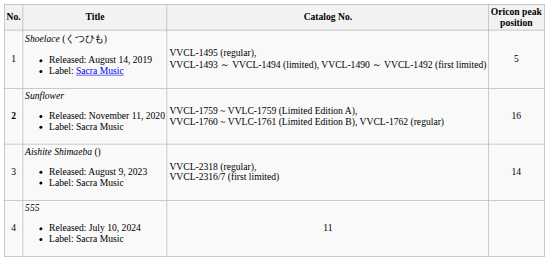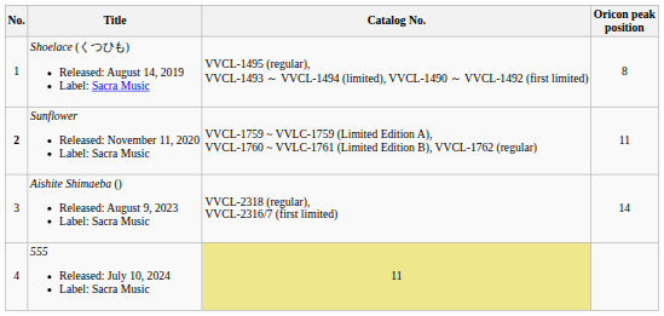 <table class="wikitable">
 <tr>
 <th>No.</th>
 <th>Title</th>
 <th>Catalog No.</th>
 <th>Oricon peak <br>position</th>
 </tr>
 <tr>
 <td align=center>1</td>
 <td><em>Shoelace</em> (くつひも)<br><ul><li>Released: August 14, 2019</li><li>Label: <a href='#'>Sacra Music</a></li></ul></td>
 <td>VVCL-1495 (regular),<br>VVCL-1493 ～ VVCL-1494 (limited), VVCL-1490 ～ VVCL-1492 (first limited)</td>
-<td align=center>5</td>
+<td align=center>8</td>
 </tr>
 <tr>
 <td align=center><strong>2</strong></td>
 <td><em>Sunflower</em><br><ul><li>Released: November 11, 2020</li><li>Label: Sacra Music</li></ul></td>
 <td>VVCL-1759 ~ VVLC-1759 (Limited Edition A),<br>VVCL-1760 ~ VVLC-1761 (Limited Edition B),  VVCL-1762 (regular)</td>
-<td align=center>16</td>
+<td align=center>11</td>
 </tr>
 <tr>
 <td align=center>3</td>
 <td><em>Aishite Shimaeba</em> ()<br><ul><li>Released: August 9, 2023</li><li>Label: Sacra Music</li></ul></td>
 <td>VVCL-2318 (regular),<br>VVCL-2316/7 (first limited)</td>
 <td align=center>14</td>
 </tr>
 <tr>
 <td align=center>4</td>
 <td><em>555</em><br><ul><li>Released: July 10, 2024</li><li>Label: Sacra Music</li></ul></td>
-<td align=center>11</td>
+<td align=center style="background: khaki;">11</td>
 </tr>
 </table>
